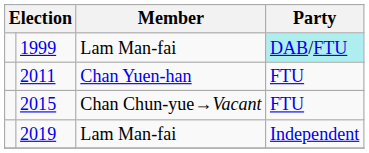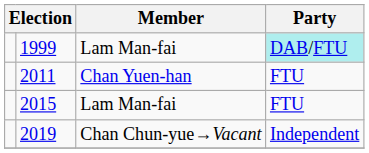 <table class="wikitable">
 <tr>
 <th colspan="2">Election</th>
 <th>Member</th>
 <th>Party</th>
 </tr>
 <tr>
 <td style="background-color: "></td>
 <td><a href='#'>1999</a></td>
 <td>Lam Man-fai</td>
 <td style="background: paleturquoise;"><a href='#'>DAB</a>/<a href='#'>FTU</a></td>
 </tr>
 <tr>
 <td style="background-color: "></td>
 <td><a href='#'>2011</a></td>
 <td><a href='#'>Chan Yuen-han</a></td>
 <td><a href='#'>FTU</a></td>
 </tr>
 <tr>
 <td style="background-color: "></td>
 <td><a href='#'>2015</a></td>
-<td>Chan Chun-yue→<em>Vacant</em></td>
+<td>Lam Man-fai</td>
 <td><a href='#'>FTU</a></td>
 </tr>
 <tr>
 <td style="background-color: "></td>
 <td><a href='#'>2019</a></td>
-<td>Lam Man-fai</td>
+<td>Chan Chun-yue→<em>Vacant</em></td>
 <td><a href='#'>Independent</a></td>
 </tr>
 <tr>
 </tr>
 </table>
